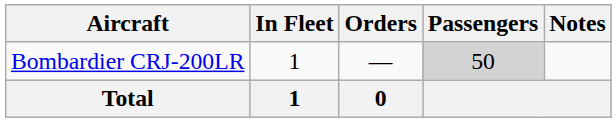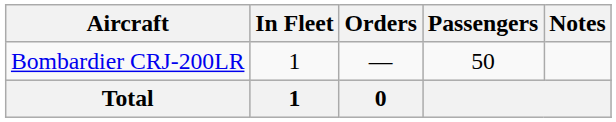 <table class="wikitable" style="text-align:center; margin:0.5em auto">
 <tr>
 <th>Aircraft</th>
 <th>In Fleet</th>
 <th>Orders</th>
 <th>Passengers</th>
 <th>Notes</th>
 </tr>
 <tr>
 <td><a href='#'>Bombardier CRJ-200LR</a></td>
 <td>1</td>
 <td>—</td>
-<td style="background: lightgrey;">50</td>
+<td>50</td>
 <td></td>
 </tr>
 <tr>
 <th>Total</th>
 <th>1</th>
 <th>0</th>
 <th colspan=2></th>
 </tr>
 </table>
